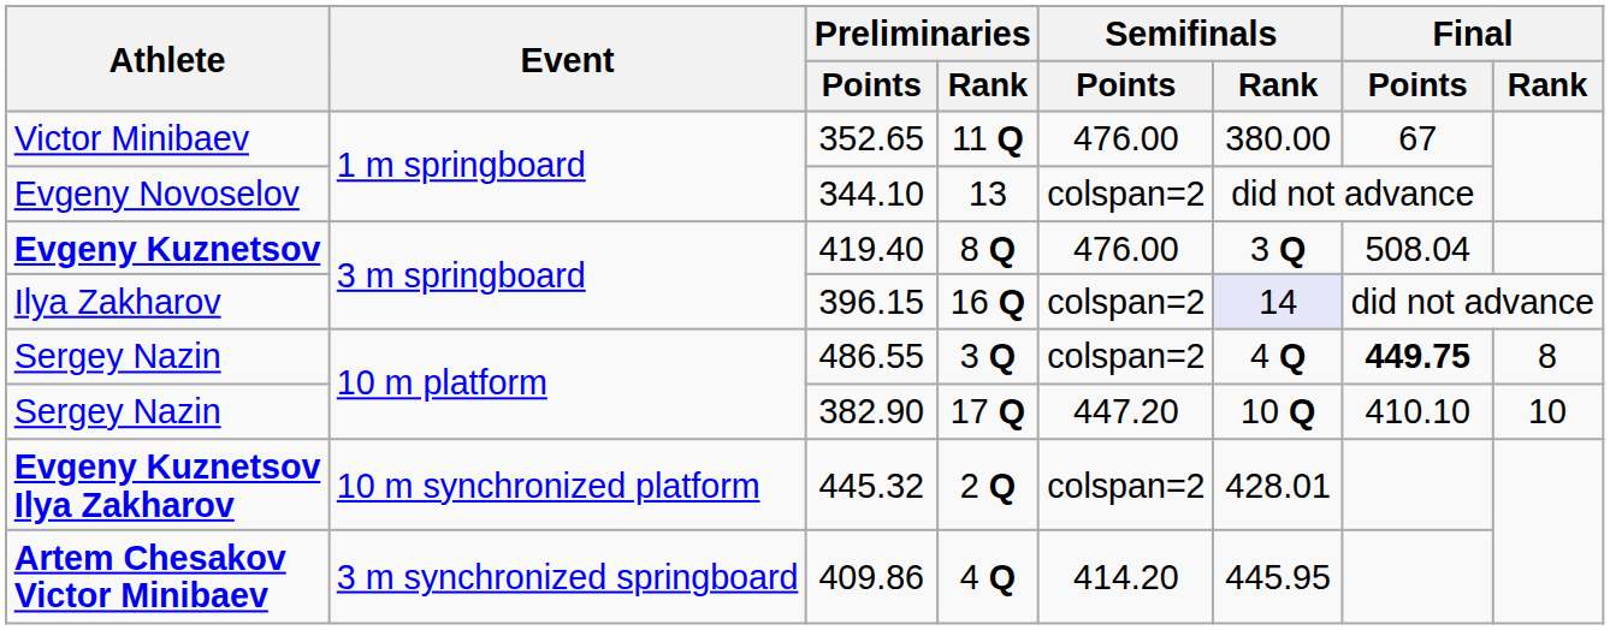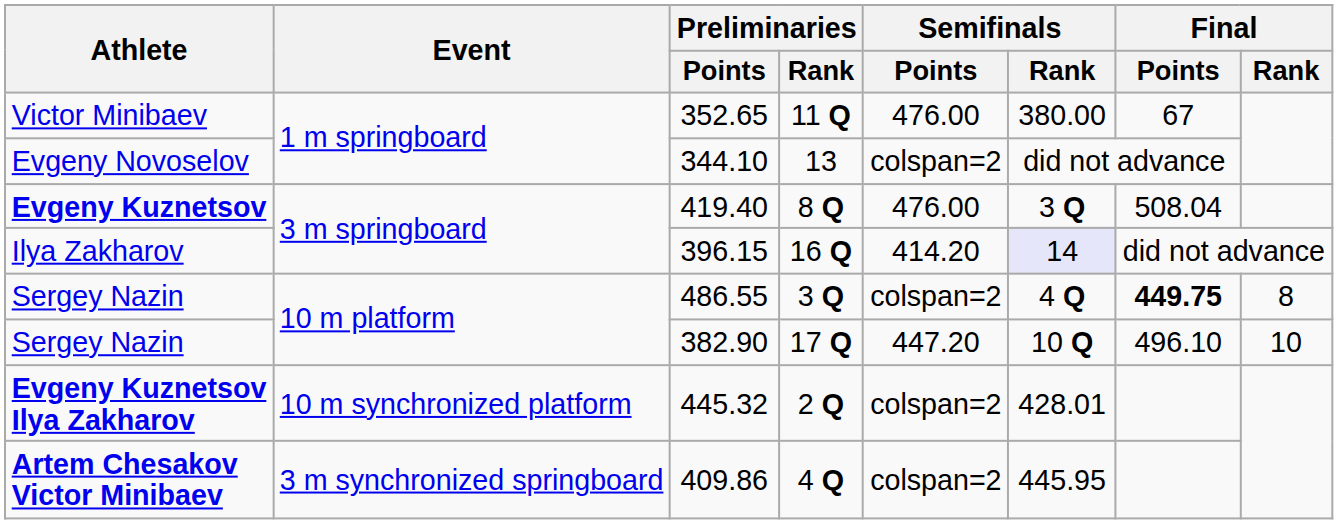 <table class=wikitable style="font-size:90%;">
 <tr>
 <th rowspan="2">Athlete</th>
 <th rowspan="2">Event</th>
 <th colspan="2">Preliminaries</th>
 <th colspan="2">Semifinals</th>
 <th colspan="2">Final</th>
 </tr>
 <tr style="font-size:95%">
 <th>Points</th>
 <th>Rank</th>
 <th>Points</th>
 <th>Rank</th>
 <th>Points</th>
 <th>Rank</th>
 </tr>
 <tr align=center>
 <td align=left><a href='#'>Victor Minibaev</a></td>
 <td align=left rowspan=2><a href='#'>1 m springboard</a></td>
 <td>352.65</td>
 <td>11 <strong>Q</strong></td>
 <td>476.00</td>
 <td>380.00</td>
 <td>67</td>
 </tr>
 <tr align=center>
 <td align=left><a href='#'>Evgeny Novoselov</a></td>
 <td>344.10</td>
 <td>13</td>
 <td>colspan=2 </td>
 <td colspan=2>did not advance</td>
 </tr>
 <tr align=center>
 <td align=left><strong><a href='#'>Evgeny Kuznetsov</a></strong></td>
 <td align=left rowspan=2><a href='#'>3 m springboard</a></td>
 <td>419.40</td>
 <td>8 <strong>Q</strong></td>
 <td>476.00</td>
 <td>3 <strong>Q</strong></td>
 <td>508.04</td>
 <td></td>
 </tr>
 <tr align=center>
 <td align=left><a href='#'>Ilya Zakharov</a></td>
 <td>396.15</td>
 <td>16 <strong>Q</strong></td>
-<td>colspan=2 </td>
+<td>414.20</td>
 <td style="background: lavender;">14</td>
 <td colspan=2>did not advance</td>
 </tr>
 <tr align=center>
 <td align=left><a href='#'>Sergey Nazin</a></td>
 <td align=left rowspan=2><a href='#'>10 m platform</a></td>
 <td>486.55</td>
 <td>3 <strong>Q</strong></td>
 <td>colspan=2 </td>
 <td>4 <strong>Q</strong></td>
 <td><strong>449.75</strong></td>
 <td>8</td>
 </tr>
 <tr align=center>
 <td align=left><a href='#'>Sergey Nazin</a></td>
 <td>382.90</td>
 <td>17 <strong>Q</strong></td>
 <td>447.20</td>
 <td>10 <strong>Q</strong></td>
-<td>410.10</td>
+<td>496.10</td>
 <td>10</td>
 </tr>
 <tr align=center>
 <td align=left><strong><a href='#'>Evgeny Kuznetsov</a><br><a href='#'>Ilya Zakharov</a></strong></td>
 <td align=left><a href='#'>10 m synchronized platform</a></td>
 <td>445.32</td>
 <td>2 <strong>Q</strong></td>
 <td>colspan=2 </td>
 <td>428.01</td>
 <td></td>
 </tr>
 <tr align=center>
 <td align=left><strong><a href='#'>Artem Chesakov</a><br><a href='#'>Victor Minibaev</a></strong></td>
 <td align=left><a href='#'>3 m synchronized springboard</a></td>
 <td>409.86</td>
 <td>4 <strong>Q</strong></td>
-<td>414.20</td>
+<td>colspan=2 </td>
 <td>445.95</td>
 <td></td>
 </tr>
 </table>
